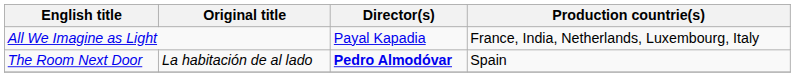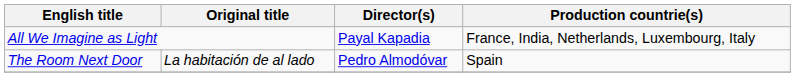 <table class="sortable wikitable" style="width:100%; margin-bottom:4px" cellpadding="5">
 <tr>
 <th scope="col">English title</th>
 <th scope="col">Original title</th>
 <th scope="col">Director(s)</th>
 <th scope="col">Production countrie(s)</th>
 </tr>
 <tr>
 <td colspan="2"><em><a href='#'>All We Imagine as Light</a></em></td>
 <td><a href='#'>Payal Kapadia</a></td>
 <td>France, India, Netherlands, Luxembourg, Italy</td>
 </tr>
 <tr>
 <td><em><a href='#'>The Room Next Door</a></em></td>
 <td><em>La habitación de al lado</em></td>
-<td><strong><a href='#'>Pedro Almodóvar</a></strong></td>
+<td><a href='#'>Pedro Almodóvar</a></td>
 <td>Spain</td>
 </tr>
 <tr>
 </tr>
 </table>
